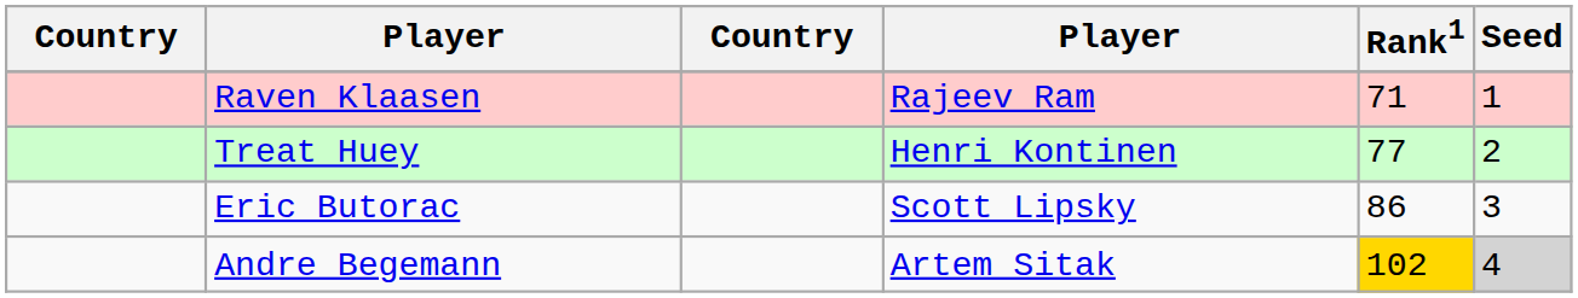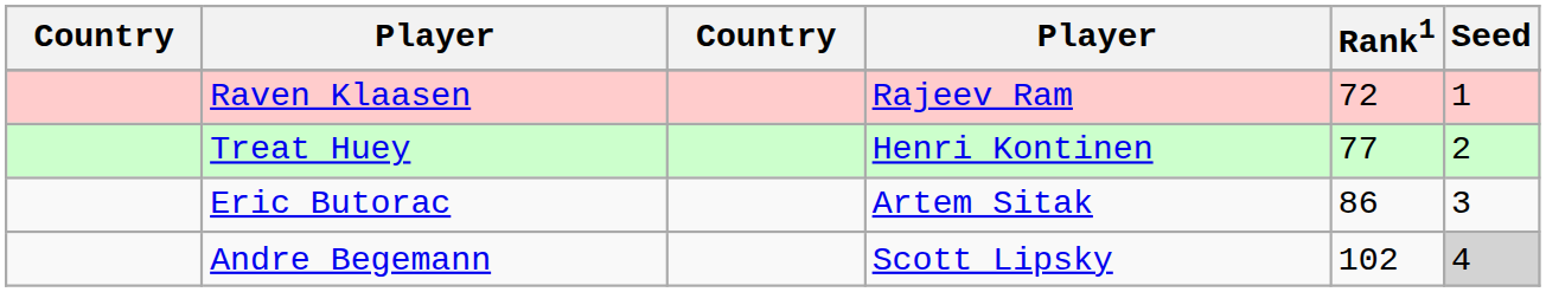 <table class="sortable wikitable">
 <tr>
 <th width="70">Country</th>
 <th width="175">Player</th>
 <th width="70">Country</th>
 <th width="175">Player</th>
 <th>Rank<sup>1</sup></th>
 <th>Seed</th>
 </tr>
 <tr style="background:#cfc;#">
 </tr>
 <tr style="background:#fcc;">
 <td></td>
 <td><a href='#'>Raven Klaasen</a></td>
 <td></td>
 <td><a href='#'>Rajeev Ram</a></td>
-<td>71</td>
+<td>72</td>
 <td>1</td>
 </tr>
 <tr style="background:#cfc;">
 <td></td>
 <td><a href='#'>Treat Huey</a></td>
 <td></td>
 <td><a href='#'>Henri Kontinen</a></td>
 <td>77</td>
 <td>2</td>
 </tr>
 <tr>
 <td></td>
 <td><a href='#'>Eric Butorac</a></td>
 <td></td>
-<td><a href='#'>Scott Lipsky</a></td>
+<td><a href='#'>Artem Sitak</a></td>
 <td>86</td>
 <td>3</td>
 </tr>
 <tr>
 <td></td>
 <td><a href='#'>Andre Begemann</a></td>
 <td></td>
-<td><a href='#'>Artem Sitak</a></td>
-<td style="background: gold;">102</td>
+<td><a href='#'>Scott Lipsky</a></td>
+<td>102</td>
 <td style="background: lightgrey;">4</td>
 </tr>
 </table>
